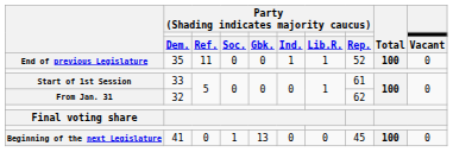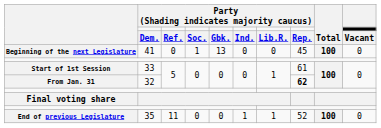 <table class=wikitable style="text-align:center">
 <tr style="vertical-align:bottom;">
 <th rowspan=3></th>
 <th colspan=7>Party <div>(Shading indicates majority caucus)</div></th>
 <th rowspan=3>Total</th>
 <th></th>
 </tr>
 <tr style="height:5px">
 <td style="background-color:"></td>
 <td style="background-color:"></td>
 <td style="background-color:"></td>
 <td style="background-color:"></td>
 <td style="background-color:"></td>
 <td style="background-color:"></td>
 <td style="background-color:"></td>
 <td style="background:black;"></td>
 </tr>
 <tr>
 <th><a href='#'>Dem.</a></th>
 <th><a href='#'>Ref.</a></th>
 <th><a href='#'>Soc.</a></th>
 <th><a href='#'>Gbk.</a></th>
 <th><a href='#'>Ind.</a></th>
 <th><a href='#'>Lib.R.</a></th>
 <th><a href='#'>Rep.</a></th>
 <th>Vacant</th>
 </tr>
 <tr>
-<th style="font-size:80%;">End of <a href='#'>previous Legislature</a></th>
-<td>35</td>
-<td>11</td>
+<th style="font-size:80%;">Beginning of the <a href='#'>next Legislature</a></th>
+<td>41</td>
+<td>0</td>
+<td>1</td>
+<td>13</td>
 <td>0</td>
 <td>0</td>
-<td>1</td>
-<td>1</td>
-<td>52</td>
+<td>45</td>
 <th>100</th>
 <td>0</td>
 </tr>
 <tr>
 <td colspan=6></td>
 </tr>
 <tr>
 <th style="font-size:80%;">Start of 1st Session</th>
 <td>33</td>
 <td rowspan="2">5</td>
 <td rowspan="2">0</td>
 <td rowspan="2">0</td>
 <td rowspan="2">0</td>
 <td rowspan="2">1</td>
 <td>61</td>
 <th rowspan="2">100</th>
 <td rowspan="2">0</td>
 </tr>
 <tr>
 <th style="font-size:80%;">From Jan. 31</th>
 <td>32</td>
-<td>62</td>
+<td><strong>62</strong></td>
 </tr>
 <tr>
 <td colspan=6></td>
 </tr>
 <tr>
 <th>Final voting share</th>
 <th colspan=6></th>
 <th></th>
 <th colspan=2></th>
 </tr>
 <tr>
 <td colspan=6></td>
 </tr>
 <tr>
-<th style="font-size:80%;">Beginning of the <a href='#'>next Legislature</a></th>
-<td>41</td>
+<th style="font-size:80%;">End of <a href='#'>previous Legislature</a></th>
+<td>35</td>
+<td>11</td>
+<td>0</td>
 <td>0</td>
 <td>1</td>
-<td>13</td>
-<td>0</td>
-<td>0</td>
-<td>45</td>
+<td>1</td>
+<td>52</td>
 <th>100</th>
 <td>0</td>
 </tr>
 </table>
